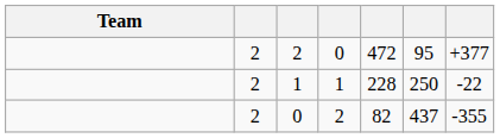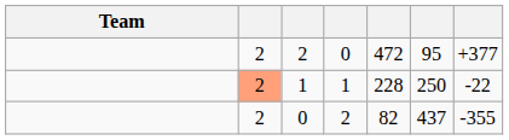 <table class="wikitable" style="text-align: center; font-size: 90%;">
 <tr>
 <th width=165>Team</th>
 <th width=25></th>
 <th width=25></th>
 <th width=25></th>
 <th width=25></th>
 <th width=25></th>
 <th width=25></th>
 </tr>
 <tr>
 <td style="text-align:left;"></td>
 <td>2</td>
 <td>2</td>
 <td>0</td>
 <td>472</td>
 <td>95</td>
 <td>+377</td>
 </tr>
 <tr>
 <td style="text-align:left;"></td>
-<td>2</td>
+<td style="background: lightsalmon;">2</td>
 <td>1</td>
 <td>1</td>
 <td>228</td>
 <td>250</td>
 <td>-22</td>
 </tr>
 <tr>
 <td style="text-align:left;"></td>
 <td>2</td>
 <td>0</td>
 <td>2</td>
 <td>82</td>
 <td>437</td>
 <td>-355</td>
 </tr>
 </table>
